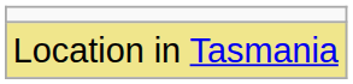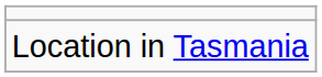 <table align="right" class="wikitable">
 <tr>
 <td></td>
 </tr>
 <tr>
-<td style="background: khaki;">Location in <a href='#'>Tasmania</a></td>
+<td>Location in <a href='#'>Tasmania</a></td>
 </tr>
 </table>
